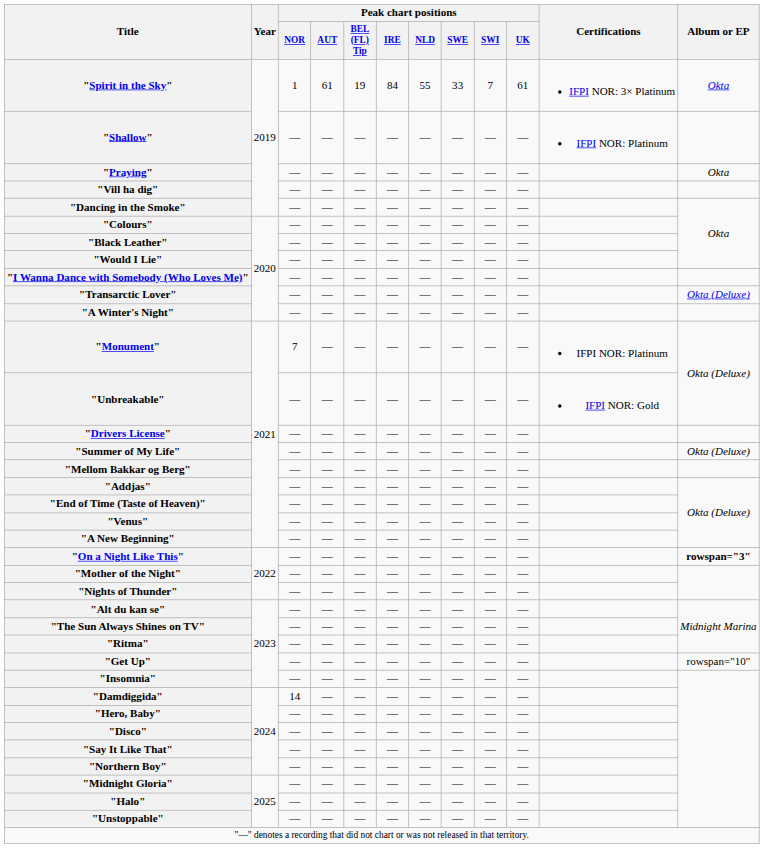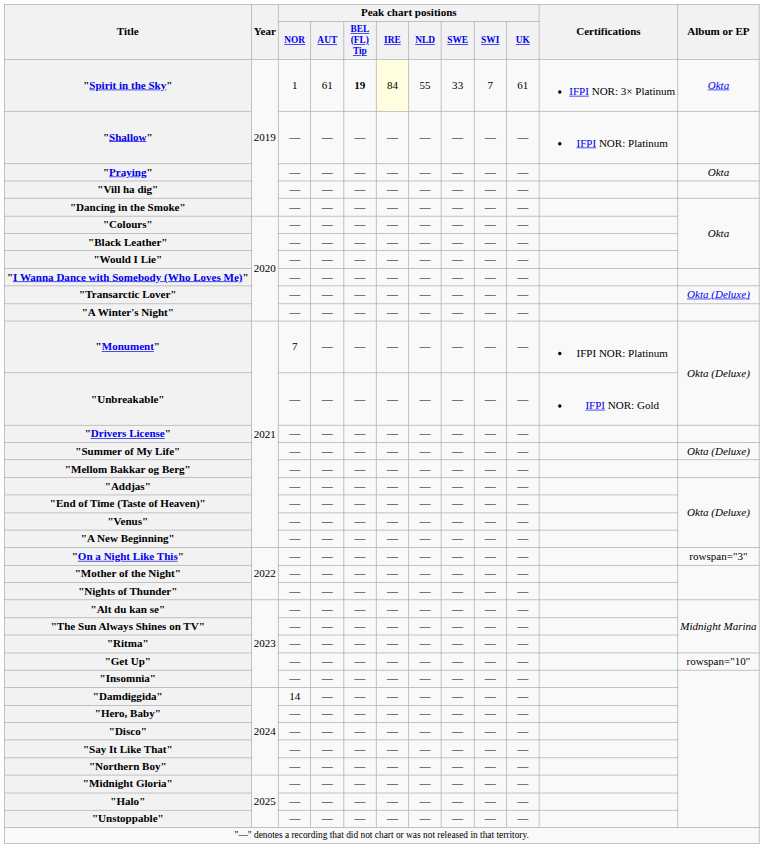 <table class="wikitable plainrowheaders" style="text-align:center;">
 <tr>
 <th scope="col" rowspan="2">Title</th>
 <th scope="col" rowspan="2">Year</th>
 <th scope="col" colspan="8">Peak chart positions</th>
 <th scope="col" rowspan="2">Certifications</th>
 <th scope="col" rowspan="2">Album or EP</th>
 </tr>
 <tr>
 <th scope="col" style="width:3em;font-size:85%;"><a href='#'>NOR</a><br></th>
 <th scope="col" style="width:3em;font-size:85%;"><a href='#'>AUT</a><br></th>
 <th scope="col" style="width:3em;font-size:85%;"><a href='#'>BEL<br>(FL)<br>Tip</a><br></th>
 <th scope="col" style="width:3em;font-size:85%;"><a href='#'>IRE</a><br></th>
 <th scope="col" style="width:3em;font-size:85%;"><a href='#'>NLD</a><br></th>
 <th scope="col" style="width:3em;font-size:85%;"><a href='#'>SWE</a><br></th>
 <th scope="col" style="width:3em;font-size:85%;"><a href='#'>SWI</a><br></th>
 <th scope="col" style="width:3em;font-size:85%;"><a href='#'>UK</a><br></th>
 </tr>
 <tr>
 <th scope="row">"<a href='#'>Spirit in the Sky</a>"</th>
 <td rowspan="5">2019</td>
 <td>1</td>
 <td>61</td>
-<td>19</td>
-<td>84</td>
+<td><strong>19</strong></td>
+<td style="background: lightyellow;">84</td>
 <td>55</td>
 <td>33</td>
 <td>7</td>
 <td>61</td>
 <td><br><ul><li><a href='#'>IFPI</a> NOR: 3× Platinum</li></ul></td>
 <td><em><a href='#'>Okta</a></em></td>
 </tr>
 <tr>
 <th scope="row">"<a href='#'>Shallow</a>"</th>
 <td>—</td>
 <td>—</td>
 <td>—</td>
 <td>—</td>
 <td>—</td>
 <td>—</td>
 <td>—</td>
 <td>—</td>
 <td><br><ul><li><a href='#'>IFPI</a> NOR: Platinum</li></ul></td>
 <td></td>
 </tr>
 <tr>
 <th scope="row">"<a href='#'>Praying</a>"</th>
 <td>—</td>
 <td>—</td>
 <td>—</td>
 <td>—</td>
 <td>—</td>
 <td>—</td>
 <td>—</td>
 <td>—</td>
 <td></td>
 <td><em>Okta</em></td>
 </tr>
 <tr>
 <th scope="row">"Vill ha dig"</th>
 <td>—</td>
 <td>—</td>
 <td>—</td>
 <td>—</td>
 <td>—</td>
 <td>—</td>
 <td>—</td>
 <td>—</td>
 <td></td>
 <td></td>
 </tr>
 <tr>
 <th scope="row">"Dancing in the Smoke"</th>
 <td>—</td>
 <td>—</td>
 <td>—</td>
 <td>—</td>
 <td>—</td>
 <td>—</td>
 <td>—</td>
 <td>—</td>
 <td></td>
 <td rowspan="4"><em>Okta</em></td>
 </tr>
 <tr>
 <th scope="row">"Colours"</th>
 <td rowspan="6">2020</td>
 <td>—</td>
 <td>—</td>
 <td>—</td>
 <td>—</td>
 <td>—</td>
 <td>—</td>
 <td>—</td>
 <td>—</td>
 <td></td>
 </tr>
 <tr>
 <th scope="row">"Black Leather"<br></th>
 <td>—</td>
 <td>—</td>
 <td>—</td>
 <td>—</td>
 <td>—</td>
 <td>—</td>
 <td>—</td>
 <td>—</td>
 <td></td>
 </tr>
 <tr>
 <th scope="row">"Would I Lie"<br></th>
 <td>—</td>
 <td>—</td>
 <td>—</td>
 <td>—</td>
 <td>—</td>
 <td>—</td>
 <td>—</td>
 <td>—</td>
 <td></td>
 </tr>
 <tr>
 <th scope="row">"<a href='#'>I Wanna Dance with Somebody (Who Loves Me)</a>"</th>
 <td>—</td>
 <td>—</td>
 <td>—</td>
 <td>—</td>
 <td>—</td>
 <td>—</td>
 <td>—</td>
 <td>—</td>
 <td></td>
 <td></td>
 </tr>
 <tr>
 <th scope="row">"Transarctic Lover"<br></th>
 <td>—</td>
 <td>—</td>
 <td>—</td>
 <td>—</td>
 <td>—</td>
 <td>—</td>
 <td>—</td>
 <td>—</td>
 <td></td>
 <td><em><a href='#'>Okta (Deluxe)</a></em></td>
 </tr>
 <tr>
 <th scope="row">"A Winter's Night"</th>
 <td>—</td>
 <td>—</td>
 <td>—</td>
 <td>—</td>
 <td>—</td>
 <td>—</td>
 <td>—</td>
 <td>—</td>
 <td></td>
 <td></td>
 </tr>
 <tr>
 <th scope="row">"<a href='#'>Monument</a>"</th>
 <td rowspan="9">2021</td>
 <td>7</td>
 <td>—</td>
 <td>—</td>
 <td>—</td>
 <td>—</td>
 <td>—</td>
 <td>—</td>
 <td>—</td>
 <td><br><ul><li>IFPI NOR: Platinum</li></ul></td>
 <td rowspan="2"><em>Okta (Deluxe)</em></td>
 </tr>
 <tr>
 <th scope="row">"Unbreakable"</th>
 <td>—</td>
 <td>—</td>
 <td>—</td>
 <td>—</td>
 <td>—</td>
 <td>—</td>
 <td>—</td>
 <td>—</td>
 <td><br><ul><li><a href='#'>IFPI</a> NOR: Gold</li></ul></td>
 </tr>
 <tr>
 <th scope="row">"<a href='#'>Drivers License</a>"</th>
 <td>—</td>
 <td>—</td>
 <td>—</td>
 <td>—</td>
 <td>—</td>
 <td>—</td>
 <td>—</td>
 <td>—</td>
 <td></td>
 <td></td>
 </tr>
 <tr>
 <th scope="row">"Summer of My Life"</th>
 <td>—</td>
 <td>—</td>
 <td>—</td>
 <td>—</td>
 <td>—</td>
 <td>—</td>
 <td>—</td>
 <td>—</td>
 <td></td>
 <td><em>Okta (Deluxe)</em></td>
 </tr>
 <tr>
 <th scope="row">"Mellom Bakkar og Berg"<br></th>
 <td>—</td>
 <td>—</td>
 <td>—</td>
 <td>—</td>
 <td>—</td>
 <td>—</td>
 <td>—</td>
 <td>—</td>
 <td></td>
 <td></td>
 </tr>
 <tr>
 <th scope="row">"Addjas"</th>
 <td>—</td>
 <td>—</td>
 <td>—</td>
 <td>—</td>
 <td>—</td>
 <td>—</td>
 <td>—</td>
 <td>—</td>
 <td></td>
 <td rowspan="4"><em>Okta (Deluxe)</em></td>
 </tr>
 <tr>
 <th scope="row">"End of Time (Taste of Heaven)"</th>
 <td>—</td>
 <td>—</td>
 <td>—</td>
 <td>—</td>
 <td>—</td>
 <td>—</td>
 <td>—</td>
 <td>—</td>
 <td></td>
 </tr>
 <tr>
 <th scope="row">"Venus"</th>
 <td>—</td>
 <td>—</td>
 <td>—</td>
 <td>—</td>
 <td>—</td>
 <td>—</td>
 <td>—</td>
 <td>—</td>
 <td></td>
 </tr>
 <tr>
 <th scope="row">"A New Beginning"</th>
 <td>—</td>
 <td>—</td>
 <td>—</td>
 <td>—</td>
 <td>—</td>
 <td>—</td>
 <td>—</td>
 <td>—</td>
 <td></td>
 </tr>
 <tr>
 <th scope="row">"<a href='#'>On a Night Like This</a>"</th>
 <td rowspan="3">2022</td>
 <td>—</td>
 <td>—</td>
 <td>—</td>
 <td>—</td>
 <td>—</td>
 <td>—</td>
 <td>—</td>
 <td>—</td>
 <td></td>
-<td><strong>rowspan="3" </strong></td>
+<td>rowspan="3" </td>
 </tr>
 <tr>
 <th scope="row">"Mother of the Night"</th>
 <td>—</td>
 <td>—</td>
 <td>—</td>
 <td>—</td>
 <td>—</td>
 <td>—</td>
 <td>—</td>
 <td>—</td>
 <td></td>
 </tr>
 <tr>
 <th scope="row">"Nights of Thunder"</th>
 <td>—</td>
 <td>—</td>
 <td>—</td>
 <td>—</td>
 <td>—</td>
 <td>—</td>
 <td>—</td>
 <td>—</td>
 <td></td>
 </tr>
 <tr>
 <th scope="row">"Alt du kan se"</th>
 <td rowspan="5">2023</td>
 <td>—</td>
 <td>—</td>
 <td>—</td>
 <td>—</td>
 <td>—</td>
 <td>—</td>
 <td>—</td>
 <td>—</td>
 <td></td>
 <td rowspan="3"><em>Midnight Marina</em></td>
 </tr>
 <tr>
 <th scope="row">"The Sun Always Shines on TV"</th>
 <td>—</td>
 <td>—</td>
 <td>—</td>
 <td>—</td>
 <td>—</td>
 <td>—</td>
 <td>—</td>
 <td>—</td>
 <td></td>
 </tr>
 <tr>
 <th scope="row">"Ritma"</th>
 <td>—</td>
 <td>—</td>
 <td>—</td>
 <td>—</td>
 <td>—</td>
 <td>—</td>
 <td>—</td>
 <td>—</td>
 <td></td>
 </tr>
 <tr>
 <th scope="row">"Get Up"</th>
 <td>—</td>
 <td>—</td>
 <td>—</td>
 <td>—</td>
 <td>—</td>
 <td>—</td>
 <td>—</td>
 <td>—</td>
 <td></td>
 <td>rowspan="10" </td>
 </tr>
 <tr>
 <th scope="row">"Insomnia"</th>
 <td>—</td>
 <td>—</td>
 <td>—</td>
 <td>—</td>
 <td>—</td>
 <td>—</td>
 <td>—</td>
 <td>—</td>
 <td></td>
 </tr>
 <tr>
 <th scope="row">"Damdiggida"</th>
 <td rowspan="5">2024</td>
 <td>14</td>
 <td>—</td>
 <td>—</td>
 <td>—</td>
 <td>—</td>
 <td>—</td>
 <td>—</td>
 <td>—</td>
 <td></td>
 </tr>
 <tr>
 <th scope="row">"Hero, Baby"</th>
 <td>—</td>
 <td>—</td>
 <td>—</td>
 <td>—</td>
 <td>—</td>
 <td>—</td>
 <td>—</td>
 <td>—</td>
 <td></td>
 </tr>
 <tr>
 <th scope="row">"Disco"</th>
 <td>—</td>
 <td>—</td>
 <td>—</td>
 <td>—</td>
 <td>—</td>
 <td>—</td>
 <td>—</td>
 <td>—</td>
 <td></td>
 </tr>
 <tr>
 <th scope="row">"Say It Like That"</th>
 <td>—</td>
 <td>—</td>
 <td>—</td>
 <td>—</td>
 <td>—</td>
 <td>—</td>
 <td>—</td>
 <td>—</td>
 <td></td>
 </tr>
 <tr>
 <th scope="row">"Northern Boy"</th>
 <td>—</td>
 <td>—</td>
 <td>—</td>
 <td>—</td>
 <td>—</td>
 <td>—</td>
 <td>—</td>
 <td>—</td>
 <td></td>
 </tr>
 <tr>
 <th scope="row">"Midnight Gloria"</th>
 <td rowspan="3">2025</td>
 <td>—</td>
 <td>—</td>
 <td>—</td>
 <td>—</td>
 <td>—</td>
 <td>—</td>
 <td>—</td>
 <td>—</td>
 <td></td>
 </tr>
 <tr>
 <th scope="row">"Halo"</th>
 <td>—</td>
 <td>—</td>
 <td>—</td>
 <td>—</td>
 <td>—</td>
 <td>—</td>
 <td>—</td>
 <td>—</td>
 <td></td>
 </tr>
 <tr>
 <th scope="row">"Unstoppable"</th>
 <td>—</td>
 <td>—</td>
 <td>—</td>
 <td>—</td>
 <td>—</td>
 <td>—</td>
 <td>—</td>
 <td>—</td>
 <td></td>
 </tr>
 <tr>
 <td colspan="19" style="font-size:85%">"—" denotes a recording that did not chart or was not released in that territory.</td>
 </tr>
 </table>
